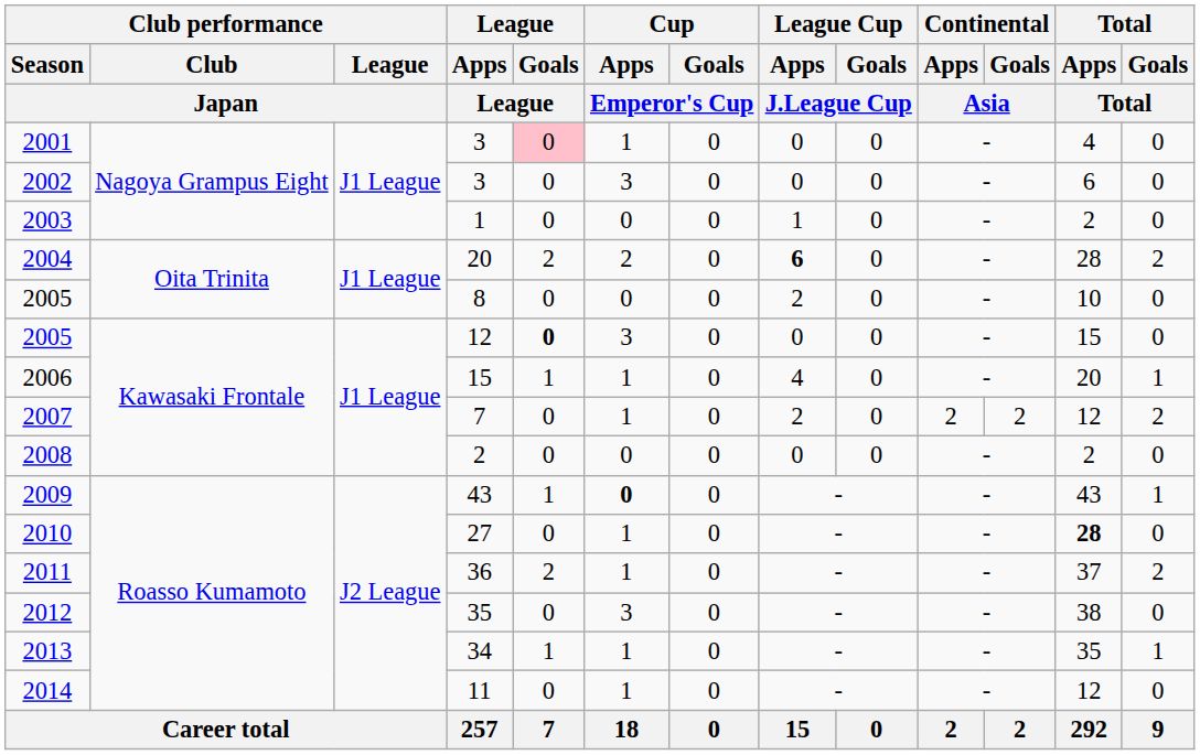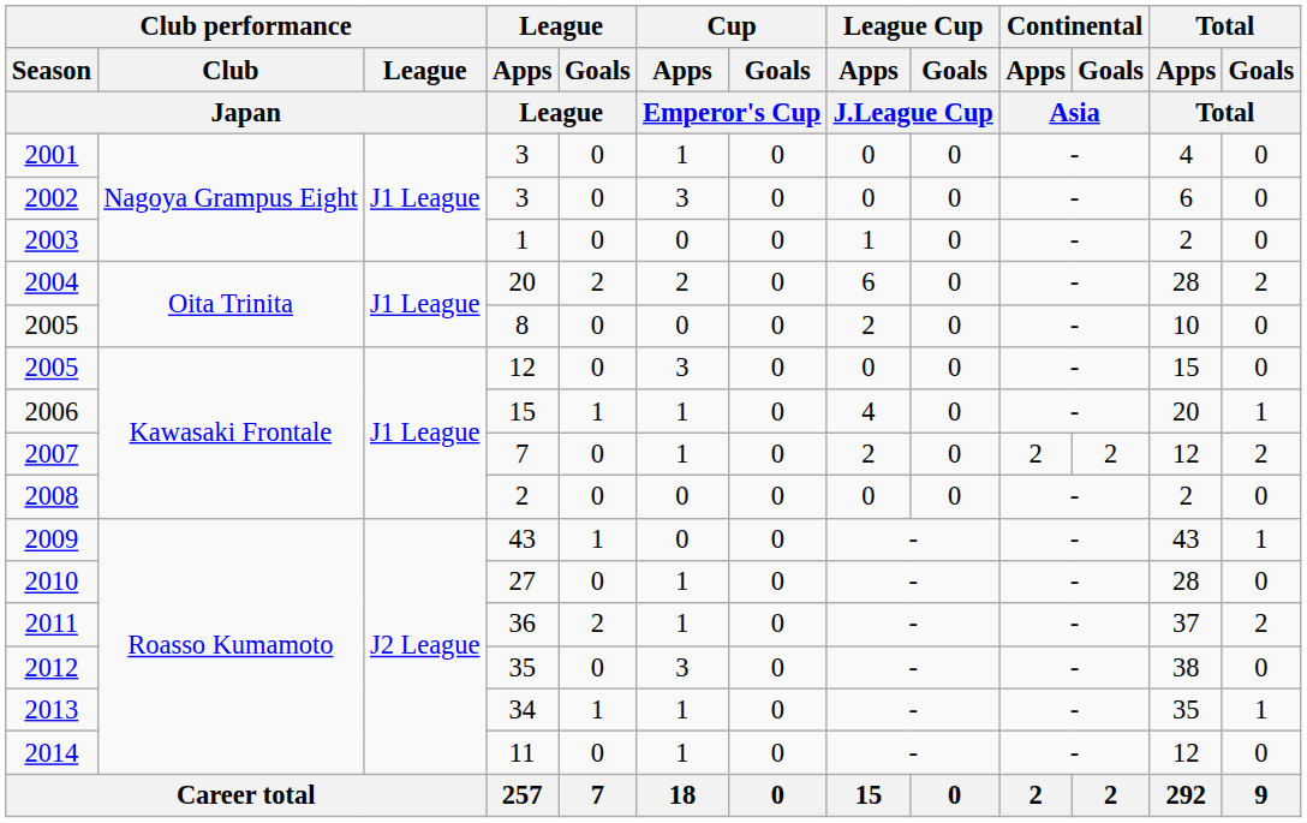 <table class="wikitable" style="text-align:center">
 <tr>
 <th colspan=3>Club performance</th>
 <th colspan=2>League</th>
 <th colspan=2>Cup</th>
 <th colspan=2>League Cup</th>
 <th colspan=2>Continental</th>
 <th colspan=2>Total</th>
 </tr>
 <tr>
 <th>Season</th>
 <th>Club</th>
 <th>League</th>
 <th>Apps</th>
 <th>Goals</th>
 <th>Apps</th>
 <th>Goals</th>
 <th>Apps</th>
 <th>Goals</th>
 <th>Apps</th>
 <th>Goals</th>
 <th>Apps</th>
 <th>Goals</th>
 </tr>
 <tr>
 <th colspan=3>Japan</th>
 <th colspan=2>League</th>
 <th colspan=2><a href='#'>Emperor's Cup</a></th>
 <th colspan=2><a href='#'>J.League Cup</a></th>
 <th colspan=2><a href='#'>Asia</a></th>
 <th colspan=2>Total</th>
 </tr>
 <tr>
 <td><a href='#'>2001</a></td>
 <td rowspan="3"><a href='#'>Nagoya Grampus Eight</a></td>
 <td rowspan="3"><a href='#'>J1 League</a></td>
 <td>3</td>
-<td style="background: pink;">0</td>
+<td>0</td>
 <td>1</td>
 <td>0</td>
 <td>0</td>
 <td>0</td>
 <td colspan="2">-</td>
 <td>4</td>
 <td>0</td>
 </tr>
 <tr>
 <td><a href='#'>2002</a></td>
 <td>3</td>
 <td>0</td>
 <td>3</td>
 <td>0</td>
 <td>0</td>
 <td>0</td>
 <td colspan="2">-</td>
 <td>6</td>
 <td>0</td>
 </tr>
 <tr>
 <td><a href='#'>2003</a></td>
 <td>1</td>
 <td>0</td>
 <td>0</td>
 <td>0</td>
 <td>1</td>
 <td>0</td>
 <td colspan="2">-</td>
 <td>2</td>
 <td>0</td>
 </tr>
 <tr>
 <td><a href='#'>2004</a></td>
 <td rowspan="2"><a href='#'>Oita Trinita</a></td>
 <td rowspan="2"><a href='#'>J1 League</a></td>
 <td>20</td>
 <td>2</td>
 <td>2</td>
 <td>0</td>
-<td><strong>6</strong></td>
+<td>6</td>
 <td>0</td>
 <td colspan="2">-</td>
 <td>28</td>
 <td>2</td>
 </tr>
 <tr>
 <td>2005</td>
 <td>8</td>
 <td>0</td>
 <td>0</td>
 <td>0</td>
 <td>2</td>
 <td>0</td>
 <td colspan="2">-</td>
 <td>10</td>
 <td>0</td>
 </tr>
 <tr>
 <td><a href='#'>2005</a></td>
 <td rowspan="4"><a href='#'>Kawasaki Frontale</a></td>
 <td rowspan="4"><a href='#'>J1 League</a></td>
 <td>12</td>
-<td><strong>0</strong></td>
+<td>0</td>
 <td>3</td>
 <td>0</td>
 <td>0</td>
 <td>0</td>
 <td colspan="2">-</td>
 <td>15</td>
 <td>0</td>
 </tr>
 <tr>
 <td>2006</td>
 <td>15</td>
 <td>1</td>
 <td>1</td>
 <td>0</td>
 <td>4</td>
 <td>0</td>
 <td colspan="2">-</td>
 <td>20</td>
 <td>1</td>
 </tr>
 <tr>
 <td><a href='#'>2007</a></td>
 <td>7</td>
 <td>0</td>
 <td>1</td>
 <td>0</td>
 <td>2</td>
 <td>0</td>
 <td>2</td>
 <td>2</td>
 <td>12</td>
 <td>2</td>
 </tr>
 <tr>
 <td><a href='#'>2008</a></td>
 <td>2</td>
 <td>0</td>
 <td>0</td>
 <td>0</td>
 <td>0</td>
 <td>0</td>
 <td colspan="2">-</td>
 <td>2</td>
 <td>0</td>
 </tr>
 <tr>
 <td><a href='#'>2009</a></td>
 <td rowspan="6"><a href='#'>Roasso Kumamoto</a></td>
 <td rowspan="6"><a href='#'>J2 League</a></td>
 <td>43</td>
 <td>1</td>
-<td><strong>0</strong></td>
+<td>0</td>
 <td>0</td>
 <td colspan="2">-</td>
 <td colspan="2">-</td>
 <td>43</td>
 <td>1</td>
 </tr>
 <tr>
 <td><a href='#'>2010</a></td>
 <td>27</td>
 <td>0</td>
 <td>1</td>
 <td>0</td>
 <td colspan="2">-</td>
 <td colspan="2">-</td>
-<td><strong>28</strong></td>
+<td>28</td>
 <td>0</td>
 </tr>
 <tr>
 <td><a href='#'>2011</a></td>
 <td>36</td>
 <td>2</td>
 <td>1</td>
 <td>0</td>
 <td colspan="2">-</td>
 <td colspan="2">-</td>
 <td>37</td>
 <td>2</td>
 </tr>
 <tr>
 <td><a href='#'>2012</a></td>
 <td>35</td>
 <td>0</td>
 <td>3</td>
 <td>0</td>
 <td colspan="2">-</td>
 <td colspan="2">-</td>
 <td>38</td>
 <td>0</td>
 </tr>
 <tr>
 <td><a href='#'>2013</a></td>
 <td>34</td>
 <td>1</td>
 <td>1</td>
 <td>0</td>
 <td colspan="2">-</td>
 <td colspan="2">-</td>
 <td>35</td>
 <td>1</td>
 </tr>
 <tr>
 <td><a href='#'>2014</a></td>
 <td>11</td>
 <td>0</td>
 <td>1</td>
 <td>0</td>
 <td colspan="2">-</td>
 <td colspan="2">-</td>
 <td>12</td>
 <td>0</td>
 </tr>
 <tr>
 <th colspan=3>Career total</th>
 <th>257</th>
 <th>7</th>
 <th>18</th>
 <th>0</th>
 <th>15</th>
 <th>0</th>
 <th>2</th>
 <th>2</th>
 <th>292</th>
 <th>9</th>
 </tr>
 </table>
